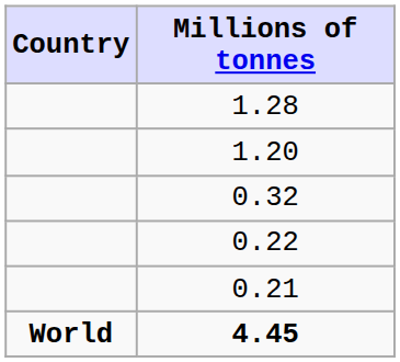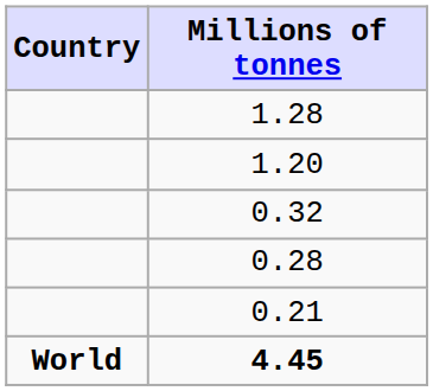 <table class="wikitable" style="float:right; clear:left; width:14em; text-align:center; margin-right:1em;">
 <tr>
 <th style="background:#ddf;">Country</th>
 <th style="background:#ddf;">Millions of <a href='#'>tonnes</a></th>
 </tr>
 <tr>
 <td></td>
 <td>1.28</td>
 </tr>
 <tr>
 <td></td>
 <td>1.20</td>
 </tr>
 <tr>
 <td></td>
 <td>0.32</td>
 </tr>
 <tr>
 <td></td>
-<td>0.22</td>
+<td>0.28</td>
 </tr>
 <tr>
 <td></td>
 <td>0.21</td>
 </tr>
 <tr>
 <td><strong>World</strong></td>
 <td><strong>4.45</strong></td>
 </tr>
 </table>
